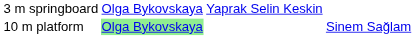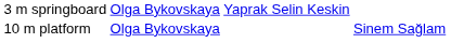 <table>
 <tr>
 <td>3 m springboard</td>
 <td><a href='#'>Olga Bykovskaya</a><br></td>
 <td><a href='#'>Yaprak Selin Keskin</a><br></td>
 <td></td>
 </tr>
 <tr>
 <td>10 m platform</td>
-<td style="background: lightgreen;"><a href='#'>Olga Bykovskaya</a><br></td>
+<td><a href='#'>Olga Bykovskaya</a><br></td>
 <td></td>
 <td><a href='#'>Sinem Sağlam</a><br></td>
 </tr>
 </table>
